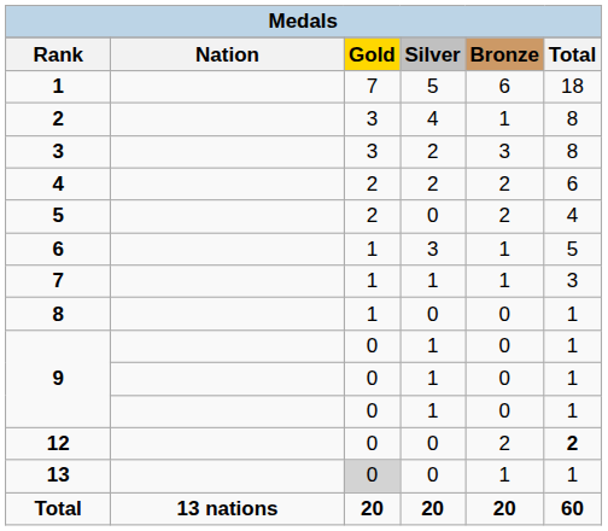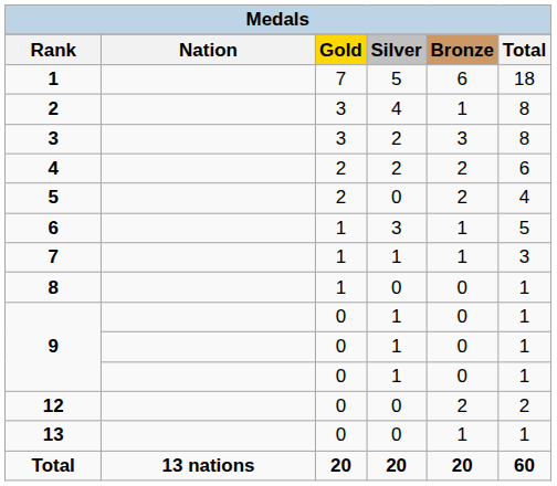 <table class="wikitable" style="text-align:center">
 <tr>
 <td colspan="6" style="background:#BCD4E6"><strong>Medals</strong></td>
 </tr>
 <tr>
 </tr>
 <tr style="background-color:#EDEDED;">
 <th width="75px" class="hintergrundfarbe5">Rank</th>
 <th width="175px" class="hintergrundfarbe6">Nation</th>
 <th style="background:    gold; width:35px ">Gold</th>
 <th style="background:  silver; width:35px ">Silver</th>
 <th style="background: #CC9966; width:35px ">Bronze</th>
 <th width="35px">Total</th>
 </tr>
 <tr>
 <td><strong>1</strong></td>
 <td align="left"></td>
 <td>7</td>
 <td>5</td>
 <td>6</td>
 <td>18</td>
 </tr>
 <tr>
 <td><strong>2</strong></td>
 <td align="left"></td>
 <td>3</td>
 <td>4</td>
 <td>1</td>
 <td>8</td>
 </tr>
 <tr>
 <td><strong>3</strong></td>
 <td align="left"></td>
 <td>3</td>
 <td>2</td>
 <td>3</td>
 <td>8</td>
 </tr>
 <tr>
 <td><strong>4</strong></td>
 <td align="left"></td>
 <td>2</td>
 <td>2</td>
 <td>2</td>
 <td>6</td>
 </tr>
 <tr>
 <td><strong>5</strong></td>
 <td align="left"></td>
 <td>2</td>
 <td>0</td>
 <td>2</td>
 <td>4</td>
 </tr>
 <tr>
 <td><strong>6</strong></td>
 <td align="left"></td>
 <td>1</td>
 <td>3</td>
 <td>1</td>
 <td>5</td>
 </tr>
 <tr>
 <td><strong>7</strong></td>
 <td align="left"></td>
 <td>1</td>
 <td>1</td>
 <td>1</td>
 <td>3</td>
 </tr>
 <tr>
 <td><strong>8</strong></td>
 <td align="left"></td>
 <td>1</td>
 <td>0</td>
 <td>0</td>
 <td>1</td>
 </tr>
 <tr>
 <td rowspan="3"><strong>9</strong></td>
 <td align="left"></td>
 <td>0</td>
 <td>1</td>
 <td>0</td>
 <td>1</td>
 </tr>
 <tr>
 <td align="left"></td>
 <td>0</td>
 <td>1</td>
 <td>0</td>
 <td>1</td>
 </tr>
 <tr>
 <td align="left"><em></em></td>
 <td>0</td>
 <td>1</td>
 <td>0</td>
 <td>1</td>
 </tr>
 <tr>
 <td><strong>12</strong></td>
 <td align="left"></td>
 <td>0</td>
 <td>0</td>
 <td>2</td>
-<td><strong>2</strong></td>
+<td>2</td>
 </tr>
 <tr>
 <td><strong>13</strong></td>
 <td align="left"></td>
-<td style="background: lightgrey;">0</td>
+<td>0</td>
 <td>0</td>
 <td>1</td>
 <td>1</td>
 </tr>
 <tr>
 <td><strong>Total</strong></td>
 <td><strong>13 nations</strong></td>
 <td><strong>20</strong></td>
 <td><strong>20</strong></td>
 <td><strong>20</strong></td>
 <td><strong>60</strong></td>
 </tr>
 </table>
